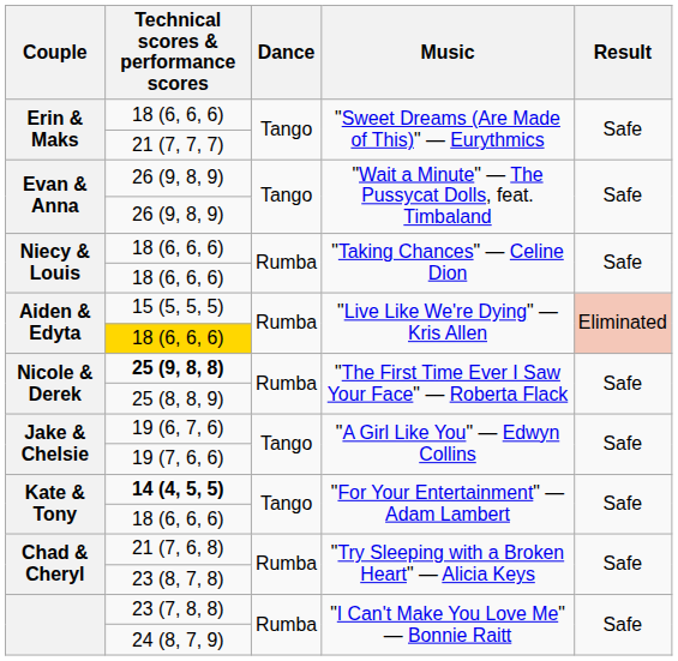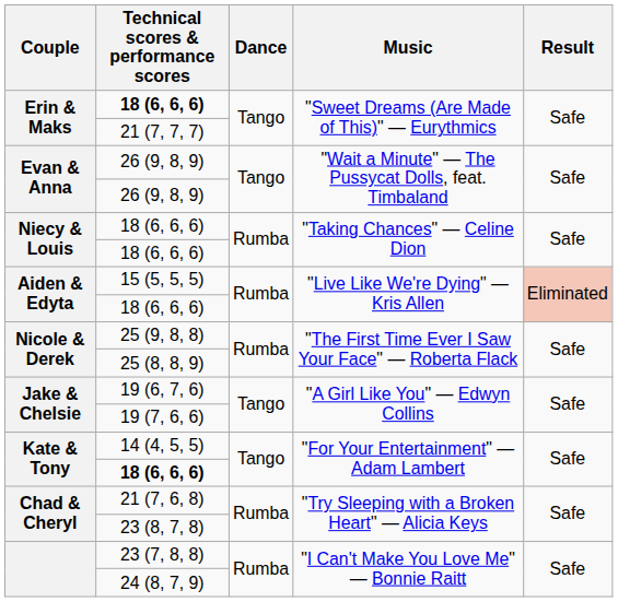 <table class="wikitable sortable" style="text-align:center; width:90%">
 <tr>
 <th scope="col">Couple</th>
 <th scope="col">Technical scores &<br>performance scores</th>
 <th scope="col" class="unsortable">Dance</th>
 <th scope="col" class="unsortable">Music</th>
 <th scope="col" class="unsortable">Result</th>
 </tr>
 <tr>
 <th rowspan="2" scope="row">Erin & Maks</th>
-<td>18 (6, 6, 6)</td>
+<td><strong>18 (6, 6, 6)</strong></td>
 <td rowspan="2">Tango</td>
 <td rowspan="2">"<a href='#'>Sweet Dreams (Are Made of This)</a>" — <a href='#'>Eurythmics</a></td>
 <td rowspan="2">Safe</td>
 </tr>
 <tr>
 <td>21 (7, 7, 7)</td>
 </tr>
 <tr>
 <th rowspan="2" scope="row">Evan & Anna</th>
 <td>26 (9, 8, 9)</td>
 <td rowspan="2">Tango</td>
 <td rowspan="2">"<a href='#'>Wait a Minute</a>" — <a href='#'>The Pussycat Dolls</a>, feat. <a href='#'>Timbaland</a></td>
 <td rowspan="2">Safe</td>
 </tr>
 <tr>
 <td>26 (9, 8, 9)</td>
 </tr>
 <tr>
 <th rowspan="2" scope="row">Niecy & Louis</th>
 <td>18 (6, 6, 6)</td>
 <td rowspan="2">Rumba</td>
 <td rowspan="2">"<a href='#'>Taking Chances</a>" — <a href='#'>Celine Dion</a></td>
 <td rowspan="2">Safe</td>
 </tr>
 <tr>
 <td>18 (6, 6, 6)</td>
 </tr>
 <tr>
 <th rowspan="2" scope="row">Aiden & Edyta</th>
 <td>15 (5, 5, 5)</td>
 <td rowspan="2">Rumba</td>
 <td rowspan="2">"<a href='#'>Live Like We're Dying</a>" — <a href='#'>Kris Allen</a></td>
 <td rowspan="2" bgcolor="f4c7b8">Eliminated</td>
 </tr>
 <tr>
-<td style="background: gold;">18 (6, 6, 6)</td>
+<td>18 (6, 6, 6)</td>
 </tr>
 <tr>
 <th rowspan="2" scope="row">Nicole & Derek</th>
-<td><strong>25 (9, 8, 8)</strong></td>
+<td>25 (9, 8, 8)</td>
 <td rowspan="2">Rumba</td>
 <td rowspan="2">"<a href='#'>The First Time Ever I Saw Your Face</a>" — <a href='#'>Roberta Flack</a></td>
 <td rowspan="2">Safe</td>
 </tr>
 <tr>
 <td>25 (8, 8, 9)</td>
 </tr>
 <tr>
 <th rowspan="2" scope="row">Jake & Chelsie</th>
 <td>19 (6, 7, 6)</td>
 <td rowspan="2">Tango</td>
 <td rowspan="2">"<a href='#'>A Girl Like You</a>" — <a href='#'>Edwyn Collins</a></td>
 <td rowspan="2">Safe</td>
 </tr>
 <tr>
 <td>19 (7, 6, 6)</td>
 </tr>
 <tr>
 <th rowspan="2" scope="row">Kate & Tony</th>
-<td><strong>14 (4, 5, 5)</strong></td>
+<td>14 (4, 5, 5)</td>
 <td rowspan="2">Tango</td>
 <td rowspan="2">"<a href='#'>For Your Entertainment</a>" — <a href='#'>Adam Lambert</a></td>
 <td rowspan="2">Safe</td>
 </tr>
 <tr>
-<td>18 (6, 6, 6)</td>
+<td><strong>18 (6, 6, 6)</strong></td>
 </tr>
 <tr>
 <th rowspan="2" scope="row">Chad & Cheryl</th>
 <td>21 (7, 6, 8)</td>
 <td rowspan="2">Rumba</td>
 <td rowspan="2">"<a href='#'>Try Sleeping with a Broken Heart</a>" — <a href='#'>Alicia Keys</a></td>
 <td rowspan="2">Safe</td>
 </tr>
 <tr>
 <td>23 (8, 7, 8)</td>
 </tr>
 <tr>
 <th rowspan="2" scope="row"></th>
 <td>23 (7, 8, 8)</td>
 <td rowspan="2">Rumba</td>
 <td rowspan="2">"<a href='#'>I Can't Make You Love Me</a>" — <a href='#'>Bonnie Raitt</a></td>
 <td rowspan="2">Safe</td>
 </tr>
 <tr>
 <td>24 (8, 7, 9)</td>
 </tr>
 </table>
